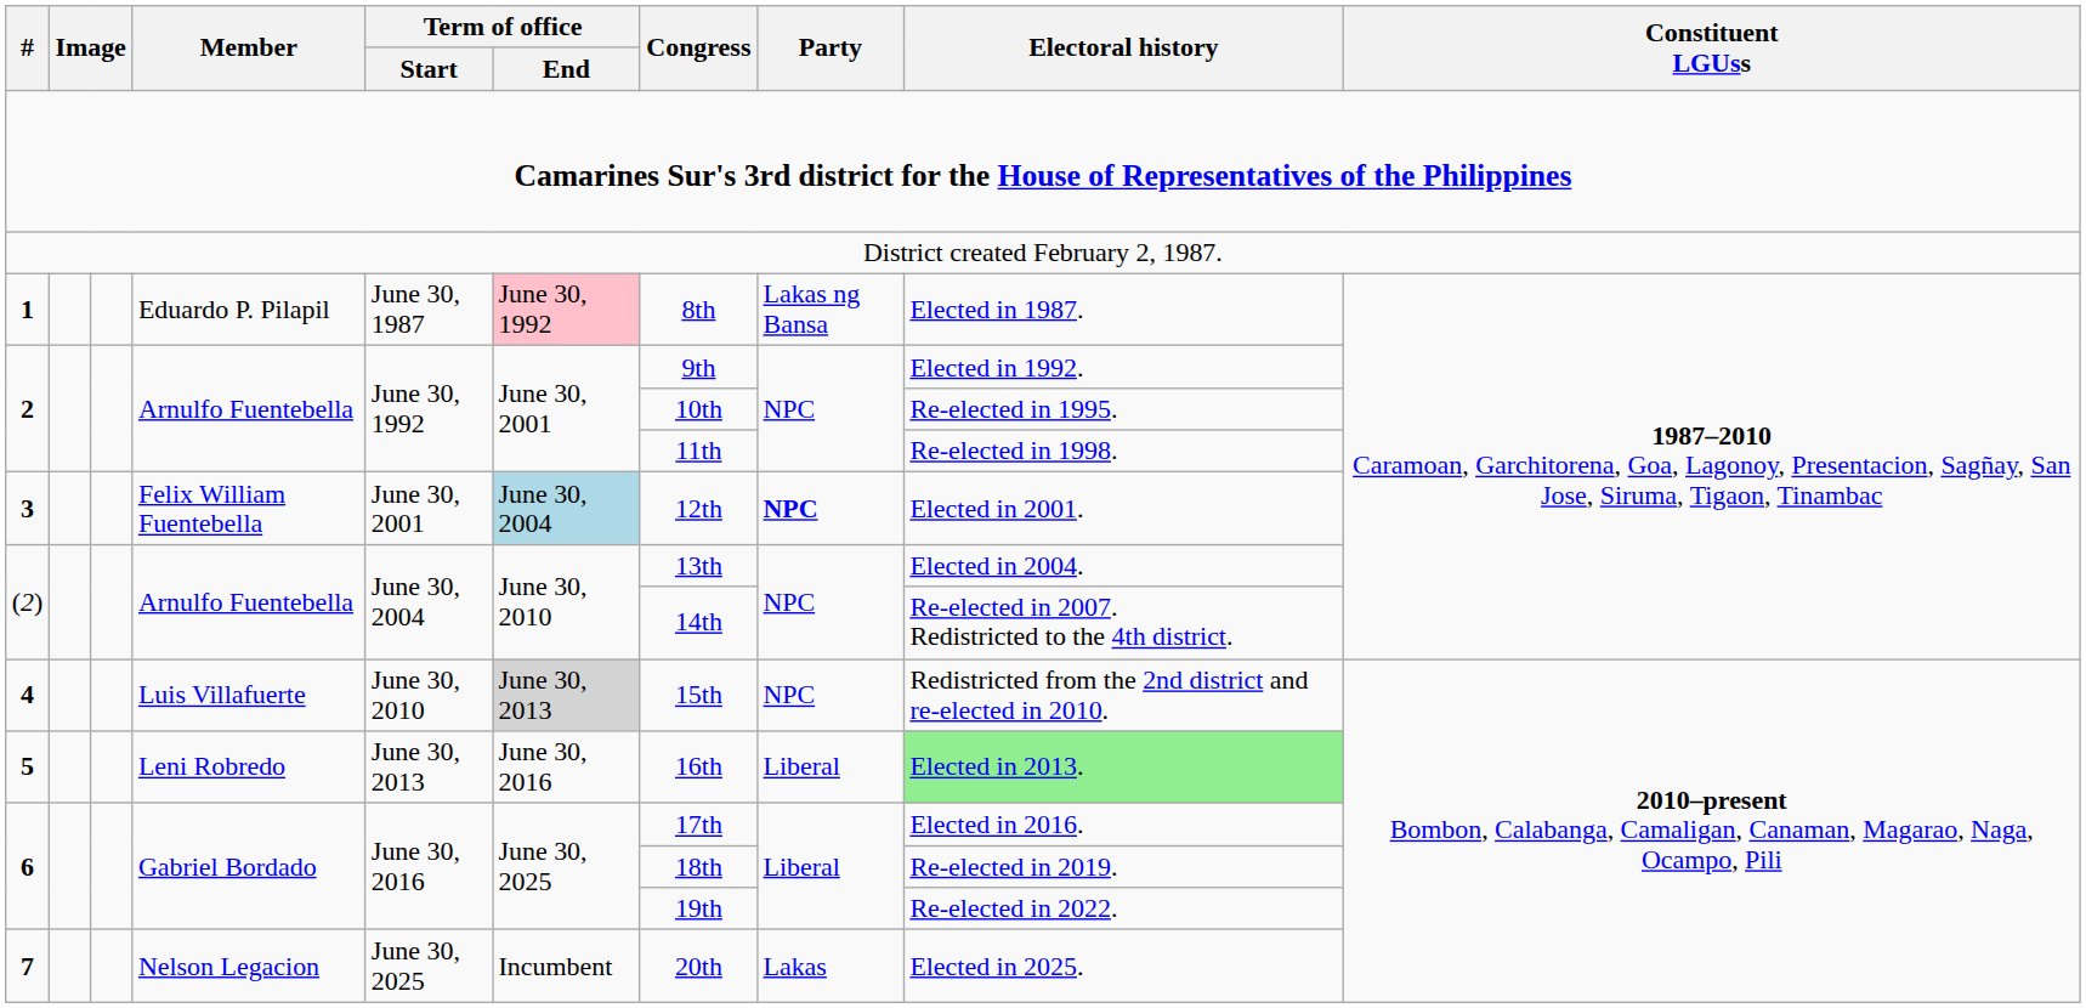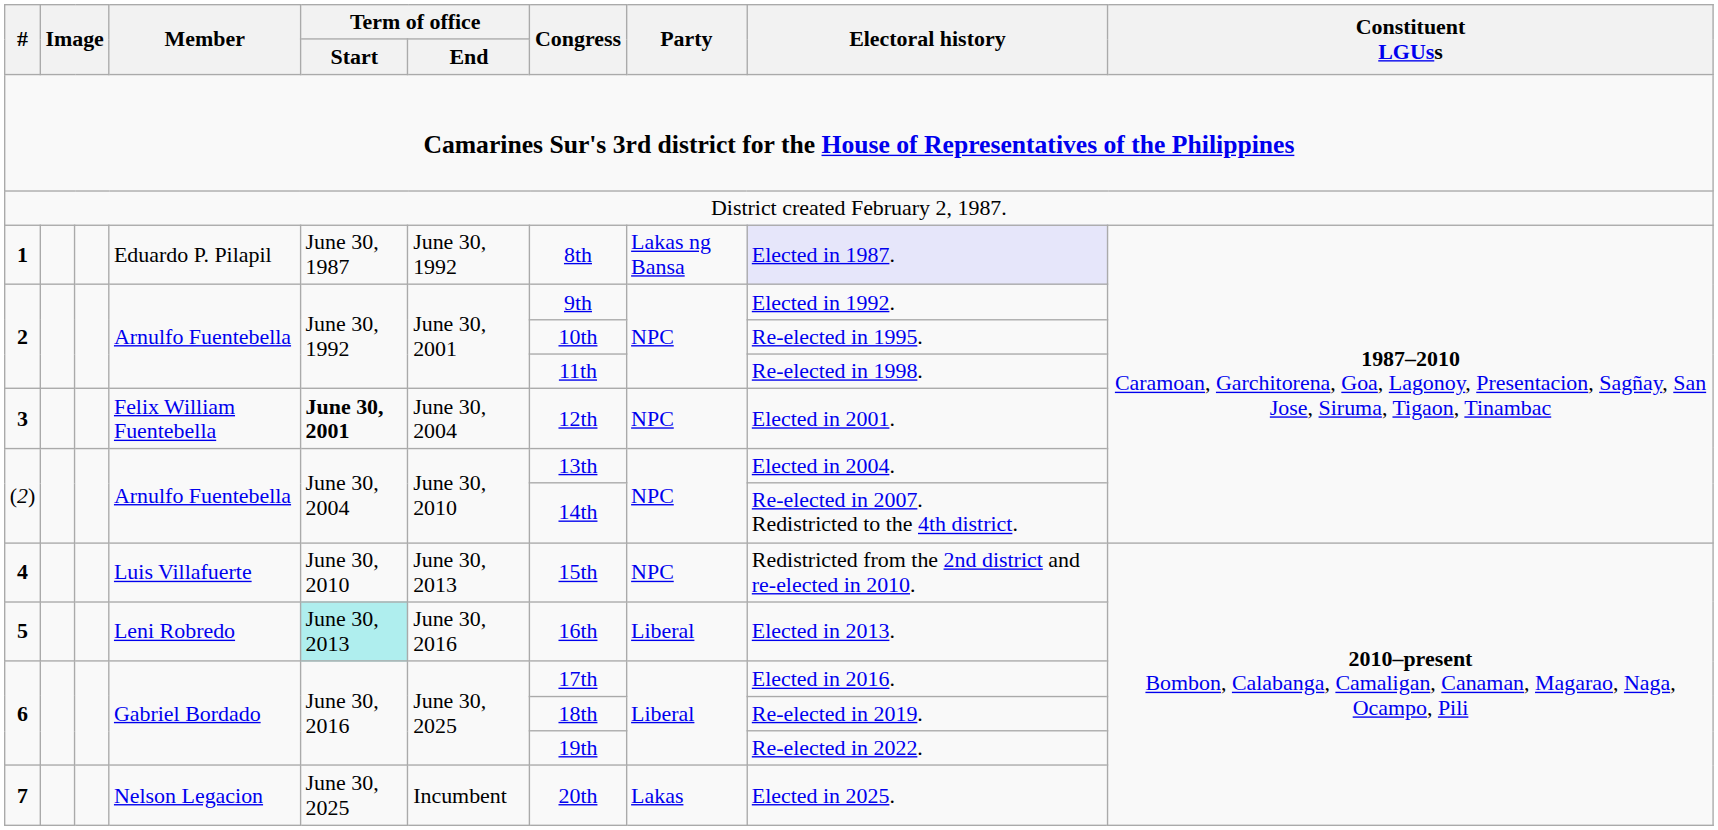 <table class=wikitable>
 <tr>
 <th rowspan="2">#</th>
 <th rowspan="2" colspan=2>Image</th>
 <th rowspan="2">Member</th>
 <th colspan=2>Term of office</th>
 <th rowspan="2">Congress</th>
 <th rowspan="2">Party</th>
 <th rowspan="2">Electoral history</th>
 <th rowspan="2">Constituent<br><a href='#'>LGUs</a>s</th>
 </tr>
 <tr>
 <th>Start</th>
 <th>End</th>
 </tr>
 <tr>
 <td colspan="10" style="text-align:center;"><br><h3>Camarines Sur's 3rd district for the <a href='#'>House of Representatives of the Philippines</a></h3></td>
 </tr>
 <tr>
 <td colspan="10" style="text-align:center;">District created February 2, 1987.</td>
 </tr>
 <tr>
 <td style="text-align:center;"><strong>1</strong></td>
 <td style="color:inherit;background:"></td>
 <td></td>
 <td>Eduardo P. Pilapil</td>
 <td>June 30, 1987</td>
-<td style="background: pink;">June 30, 1992</td>
+<td>June 30, 1992</td>
 <td style="text-align:center;"><a href='#'>8th</a></td>
 <td><a href='#'>Lakas ng Bansa</a></td>
-<td><a href='#'>Elected in 1987</a>.</td>
+<td style="background: lavender;"><a href='#'>Elected in 1987</a>.</td>
 <td rowspan="7" style="text-align:center;"><strong>1987–2010</strong><br><a href='#'>Caramoan</a>, <a href='#'>Garchitorena</a>, <a href='#'>Goa</a>, <a href='#'>Lagonoy</a>, <a href='#'>Presentacion</a>, <a href='#'>Sagñay</a>, <a href='#'>San Jose</a>, <a href='#'>Siruma</a>, <a href='#'>Tigaon</a>, <a href='#'>Tinambac</a></td>
 </tr>
 <tr>
 <td rowspan="3" style="text-align:center;"><strong>2</strong></td>
 <td rowspan="3" style="color:inherit;background:"></td>
 <td rowspan="3"></td>
 <td rowspan="3"><a href='#'>Arnulfo Fuentebella</a></td>
 <td rowspan="3">June 30, 1992</td>
 <td rowspan="3">June 30, 2001</td>
 <td style="text-align:center;"><a href='#'>9th</a></td>
 <td rowspan="3"><a href='#'>NPC</a></td>
 <td><a href='#'>Elected in 1992</a>.</td>
 </tr>
 <tr>
 <td style="text-align:center;"><a href='#'>10th</a></td>
 <td><a href='#'>Re-elected in 1995</a>.</td>
 </tr>
 <tr>
 <td style="text-align:center;"><a href='#'>11th</a></td>
 <td><a href='#'>Re-elected in 1998</a>.</td>
 </tr>
 <tr>
 <td style="text-align:center;"><strong>3</strong></td>
 <td style="color:inherit;background:"></td>
 <td></td>
 <td><a href='#'>Felix William Fuentebella</a></td>
-<td>June 30, 2001</td>
-<td style="background: lightblue;">June 30, 2004</td>
+<td><strong>June 30, 2001</strong></td>
+<td>June 30, 2004</td>
 <td style="text-align:center;"><a href='#'>12th</a></td>
-<td><strong><a href='#'>NPC</a></strong></td>
+<td><a href='#'>NPC</a></td>
 <td><a href='#'>Elected in 2001</a>.</td>
 </tr>
 <tr>
 <td rowspan="2" style="text-align:center;">(<em>2</em>)</td>
 <td rowspan="2" style="color:inherit;background:"></td>
 <td rowspan="2"></td>
 <td rowspan="2"><a href='#'>Arnulfo Fuentebella</a></td>
 <td rowspan="2">June 30, 2004</td>
 <td rowspan="2">June 30, 2010</td>
 <td style="text-align:center;"><a href='#'>13th</a></td>
 <td rowspan="2"><a href='#'>NPC</a></td>
 <td><a href='#'>Elected in 2004</a>.</td>
 </tr>
 <tr>
 <td style="text-align:center;"><a href='#'>14th</a></td>
 <td><a href='#'>Re-elected in 2007</a>.<br>Redistricted to the <a href='#'>4th district</a>.</td>
 </tr>
 <tr>
 <td style="text-align:center;"><strong>4</strong></td>
 <td style="color:inherit;background:"></td>
 <td></td>
 <td><a href='#'>Luis Villafuerte</a></td>
 <td>June 30, 2010</td>
-<td style="background: lightgrey;">June 30, 2013</td>
+<td>June 30, 2013</td>
 <td style="text-align:center;"><a href='#'>15th</a></td>
 <td><a href='#'>NPC</a></td>
 <td>Redistricted from the <a href='#'>2nd district</a> and <a href='#'>re-elected in 2010</a>.</td>
 <td rowspan="6" style="text-align:center;"><strong>2010–present</strong><br><a href='#'>Bombon</a>, <a href='#'>Calabanga</a>, <a href='#'>Camaligan</a>, <a href='#'>Canaman</a>, <a href='#'>Magarao</a>, <a href='#'>Naga</a>, <a href='#'>Ocampo</a>, <a href='#'>Pili</a></td>
 </tr>
 <tr>
 <td style="text-align:center;"><strong>5</strong></td>
 <td style="color:inherit;background:"></td>
 <td></td>
 <td><a href='#'>Leni Robredo</a></td>
-<td>June 30, 2013</td>
+<td style="background: paleturquoise;">June 30, 2013</td>
 <td>June 30, 2016</td>
 <td style="text-align:center;"><a href='#'>16th</a></td>
 <td><a href='#'>Liberal</a></td>
-<td style="background: lightgreen;"><a href='#'>Elected in 2013</a>.</td>
+<td><a href='#'>Elected in 2013</a>.</td>
 </tr>
 <tr>
 <td rowspan="3" style="text-align:center;"><strong>6</strong></td>
 <td rowspan="3" style="color:inherit;background:"></td>
 <td rowspan="3"></td>
 <td rowspan="3"><a href='#'>Gabriel Bordado</a></td>
 <td rowspan="3">June 30, 2016</td>
 <td rowspan="3">June 30, 2025</td>
 <td style="text-align:center;"><a href='#'>17th</a></td>
 <td rowspan="3"><a href='#'>Liberal</a></td>
 <td><a href='#'>Elected in 2016</a>.</td>
 </tr>
 <tr>
 <td style="text-align:center;"><a href='#'>18th</a></td>
 <td><a href='#'>Re-elected in 2019</a>.</td>
 </tr>
 <tr>
 <td style="text-align:center;"><a href='#'>19th</a></td>
 <td><a href='#'>Re-elected in 2022</a>.</td>
 </tr>
 <tr>
 <td style="text-align:center;"><strong>7</strong></td>
 <td style="color:inherit;background:"></td>
 <td></td>
 <td><a href='#'>Nelson Legacion</a></td>
 <td>June 30, 2025</td>
 <td>Incumbent</td>
 <td style="text-align:center;"><a href='#'>20th</a></td>
 <td><a href='#'>Lakas</a></td>
 <td><a href='#'>Elected in 2025</a>.</td>
 </tr>
 </table>
